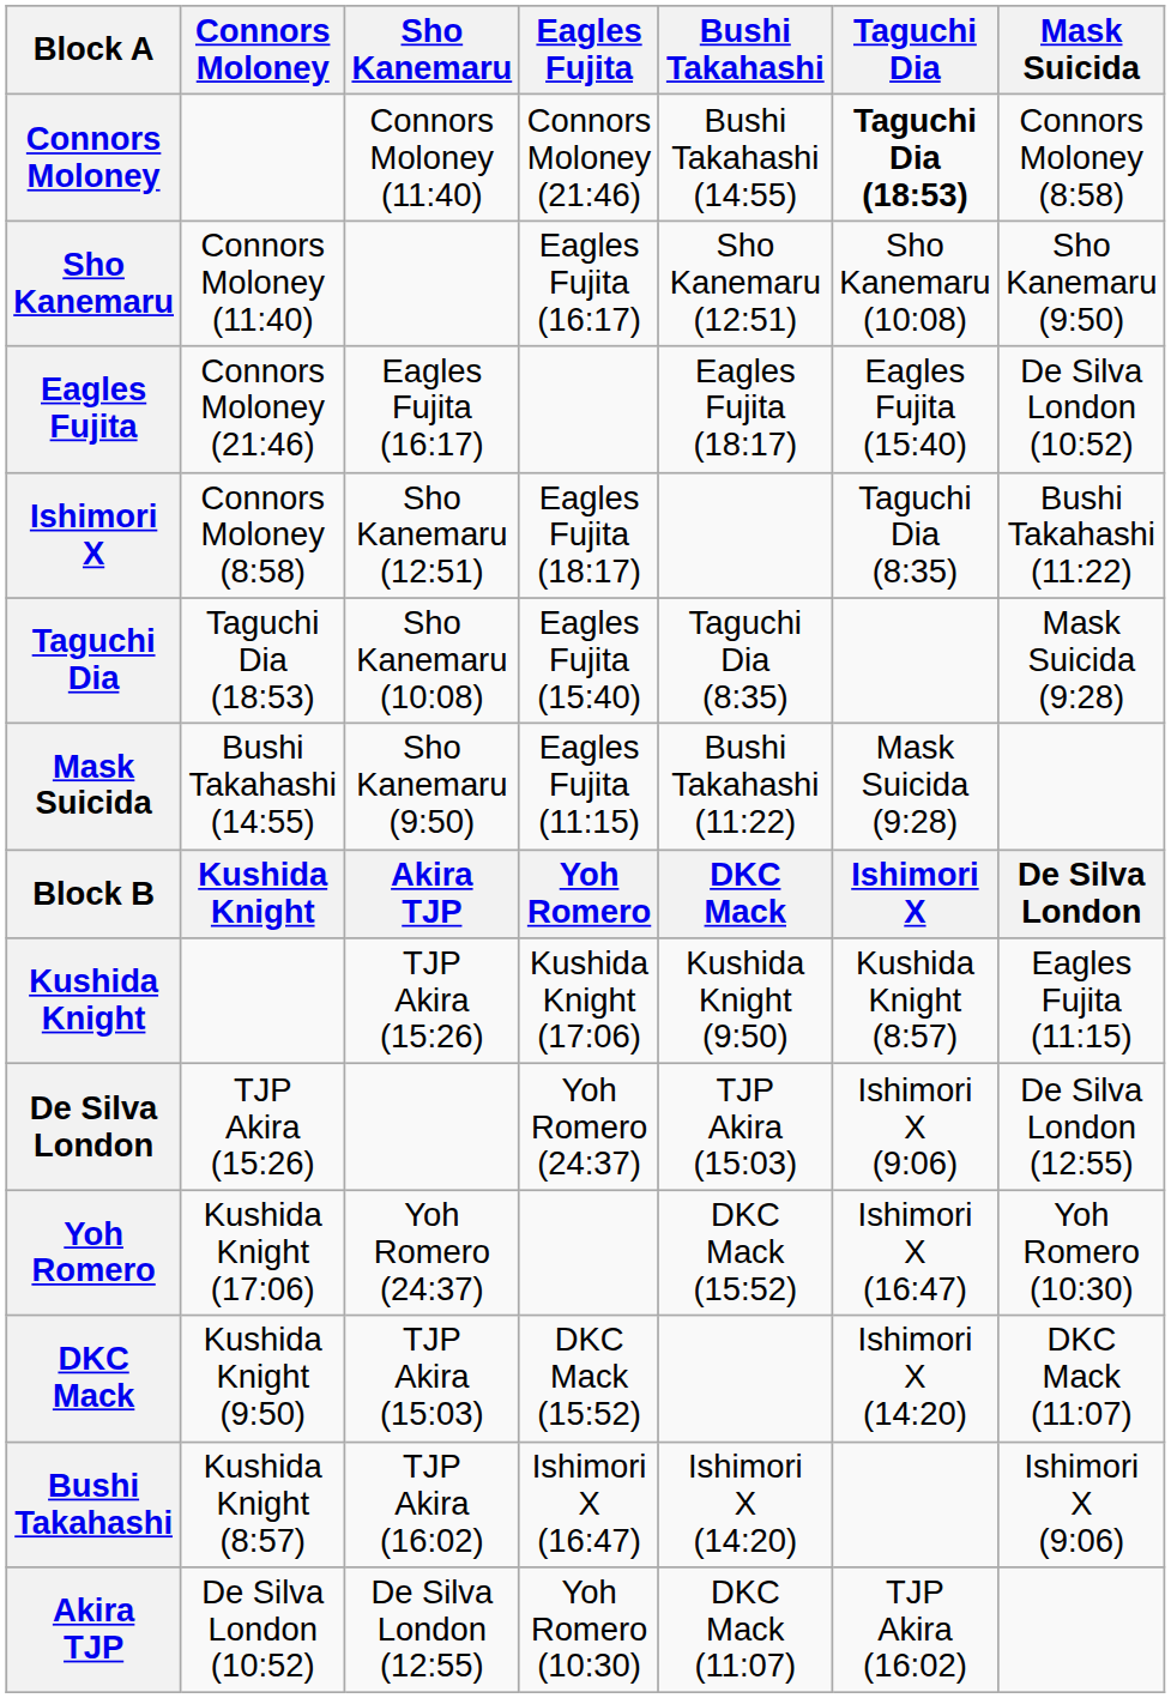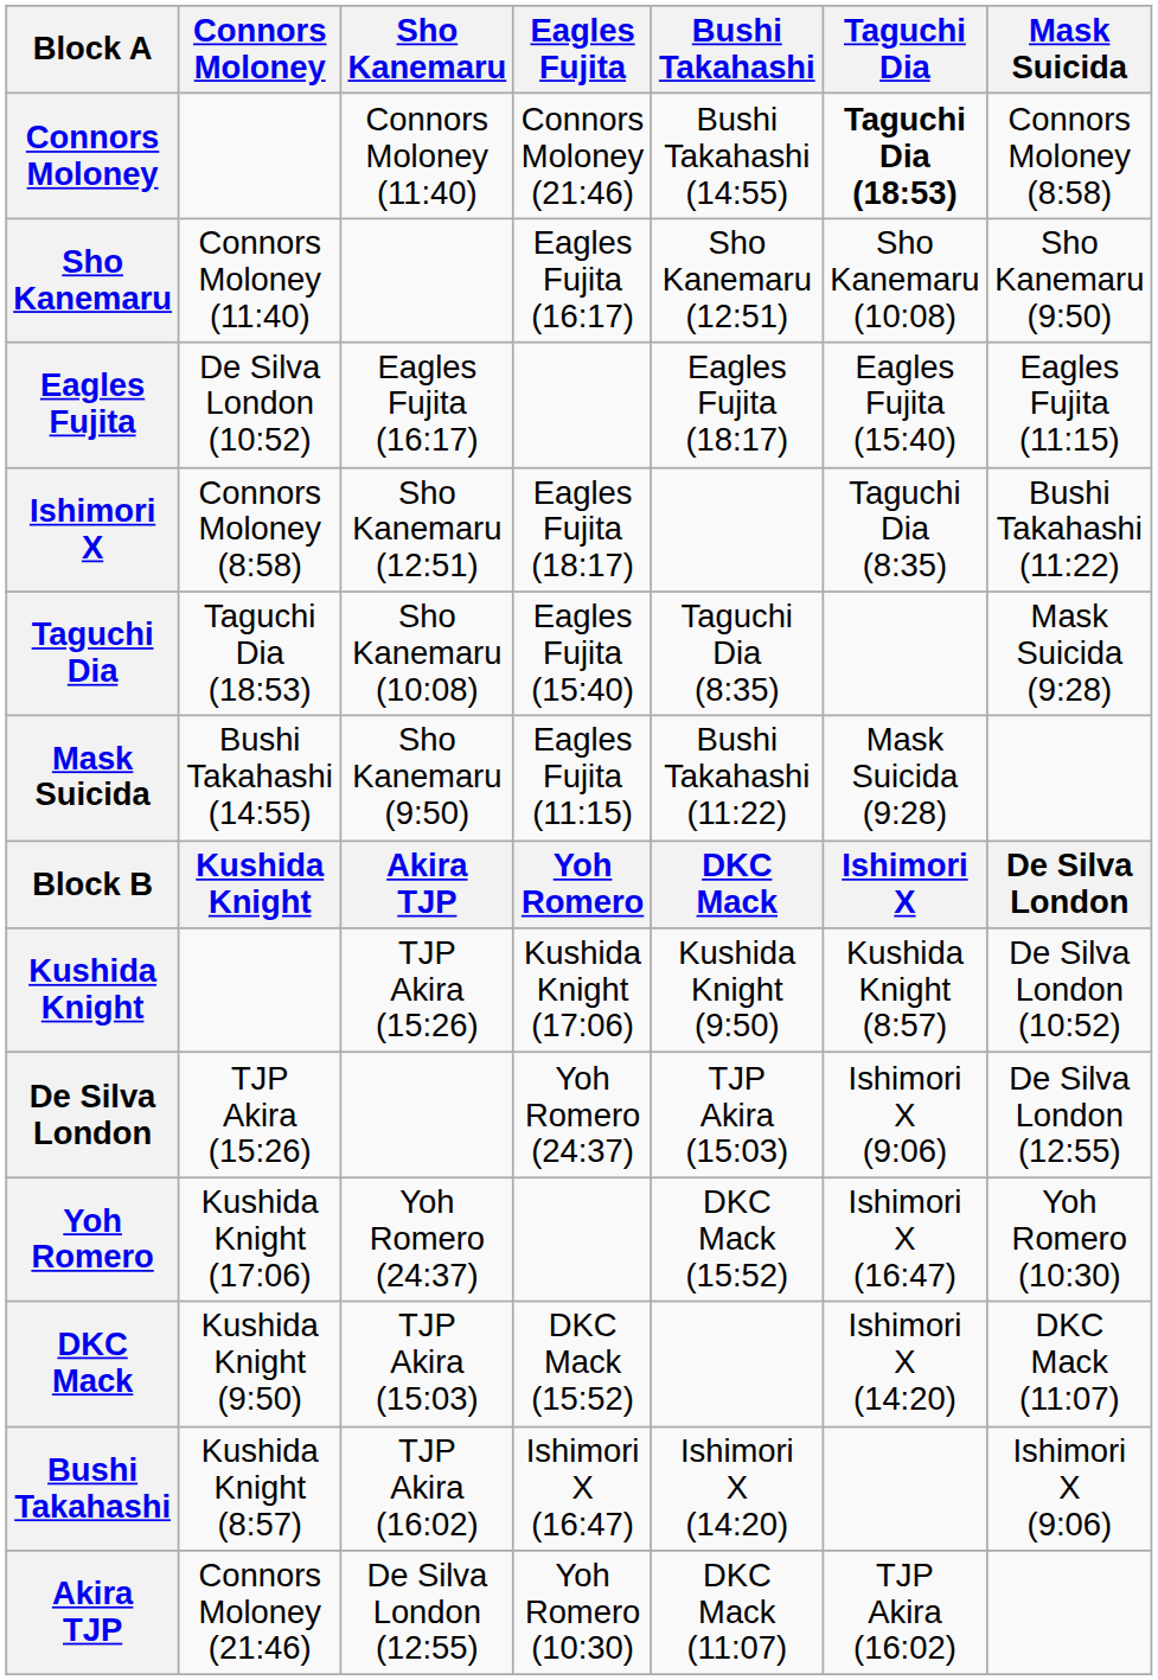 <table class="wikitable" style="text-align:center; margin: 1em auto 1em auto">
 <tr align="center">
 <th>Block A</th>
 <th><a href='#'>Connors</a><br><a href='#'>Moloney</a></th>
 <th><a href='#'>Sho</a> <br> <a href='#'>Kanemaru</a></th>
 <th><a href='#'>Eagles</a> <br> <a href='#'>Fujita</a></th>
 <th><a href='#'>Bushi</a> <br> <a href='#'>Takahashi</a></th>
 <th><a href='#'>Taguchi</a> <br> <a href='#'>Dia</a></th>
 <th><a href='#'>Mask</a> <br> Suicida</th>
 </tr>
 <tr align="center">
 <th><a href='#'>Connors</a><br><a href='#'>Moloney</a></th>
 <td></td>
 <td>Connors<br>Moloney<br>(11:40)</td>
 <td>Connors<br>Moloney<br>(21:46)</td>
 <td>Bushi<br>Takahashi<br>(14:55)</td>
 <td><strong>Taguchi<br>Dia<br>(18:53)</strong></td>
 <td>Connors<br>Moloney<br>(8:58)</td>
 </tr>
 <tr align="center">
 <th><a href='#'>Sho</a> <br> <a href='#'>Kanemaru</a></th>
 <td>Connors<br>Moloney<br>(11:40)</td>
 <td></td>
 <td>Eagles<br>Fujita <br>(16:17)</td>
 <td>Sho<br>Kanemaru <br>(12:51)</td>
 <td>Sho<br>Kanemaru <br>(10:08)</td>
 <td>Sho<br>Kanemaru<br>(9:50)</td>
 </tr>
 <tr align="center">
 <th><a href='#'>Eagles</a> <br> <a href='#'>Fujita</a></th>
-<td>Connors<br>Moloney<br>(21:46)</td>
+<td>De Silva <br> London<br>(10:52)</td>
 <td>Eagles<br>Fujita <br>(16:17)</td>
 <td></td>
 <td>Eagles<br>Fujita <br>(18:17)</td>
 <td>Eagles<br>Fujita<br>(15:40)</td>
-<td>De Silva <br> London<br>(10:52)</td>
+<td>Eagles<br>Fujita<br>(11:15)</td>
 </tr>
 <tr align="center">
 <th><a href='#'>Ishimori</a> <br> <a href='#'>X</a></th>
 <td>Connors<br>Moloney<br>(8:58)</td>
 <td>Sho<br>Kanemaru<br>(12:51)</td>
 <td>Eagles<br>Fujita <br>(18:17)</td>
 <td></td>
 <td>Taguchi<br>Dia<br>(8:35)</td>
 <td>Bushi<br>Takahashi<br>(11:22)</td>
 </tr>
 <tr align="center">
 <th><a href='#'>Taguchi</a> <br> <a href='#'>Dia</a></th>
 <td>Taguchi<br>Dia <br>(18:53)</td>
 <td>Sho<br>Kanemaru<br>(10:08)</td>
 <td>Eagles<br>Fujita<br>(15:40)</td>
 <td>Taguchi<br>Dia<br>(8:35)</td>
 <td></td>
 <td>Mask <br> Suicida <br>(9:28)</td>
 </tr>
 <tr align="center">
 <th><a href='#'>Mask</a> <br> Suicida</th>
 <td>Bushi<br>Takahashi<br>(14:55)</td>
 <td>Sho<br>Kanemaru<br>(9:50)</td>
 <td>Eagles<br>Fujita <br>(11:15)</td>
 <td>Bushi<br>Takahashi<br>(11:22)</td>
 <td>Mask <br> Suicida <br>(9:28)</td>
 <td></td>
 </tr>
 <tr align="center">
 <th>Block B</th>
 <th><a href='#'>Kushida</a> <br> <a href='#'>Knight</a></th>
 <th><a href='#'>Akira</a> <br> <a href='#'>TJP</a></th>
 <th><a href='#'>Yoh</a> <br> <a href='#'>Romero</a></th>
 <th><a href='#'>DKC</a> <br> <a href='#'>Mack</a></th>
 <th><a href='#'>Ishimori</a> <br> <a href='#'>X</a></th>
 <th>De Silva <br> London</th>
 </tr>
 <tr align="center">
 <th><a href='#'>Kushida</a> <br> <a href='#'>Knight</a></th>
 <td></td>
 <td>TJP<br>Akira<br>(15:26)</td>
 <td>Kushida<br>Knight<br>(17:06)</td>
 <td>Kushida<br>Knight<br>(9:50)</td>
 <td>Kushida<br>Knight<br>(8:57)</td>
-<td>Eagles<br>Fujita<br>(11:15)</td>
+<td>De Silva <br> London<br>(10:52)</td>
 </tr>
 <tr align="center">
 <th>De Silva <br> London</th>
 <td>TJP<br>Akira<br>(15:26)</td>
 <td></td>
 <td>Yoh<br>Romero<br>(24:37)</td>
 <td>TJP<br>Akira<br>(15:03)</td>
 <td>Ishimori<br>X<br>(9:06)</td>
 <td>De Silva <br> London<br>(12:55)</td>
 </tr>
 <tr align="center">
 <th><a href='#'>Yoh</a> <br> <a href='#'>Romero</a></th>
 <td>Kushida<br>Knight<br>(17:06)</td>
 <td>Yoh<br>Romero<br>(24:37)</td>
 <td></td>
 <td>DKC<br>Mack<br>(15:52)</td>
 <td>Ishimori<br>X<br>(16:47)</td>
 <td>Yoh<br>Romero<br>(10:30)</td>
 </tr>
 <tr align="center">
 <th><a href='#'>DKC</a> <br> <a href='#'>Mack</a></th>
 <td>Kushida<br>Knight<br>(9:50)</td>
 <td>TJP<br>Akira<br>(15:03)</td>
 <td>DKC<br>Mack<br>(15:52)</td>
 <td></td>
 <td>Ishimori<br>X<br>(14:20)</td>
 <td>DKC<br>Mack<br>(11:07)</td>
 </tr>
 <tr align="center">
 <th><a href='#'>Bushi</a> <br> <a href='#'>Takahashi</a></th>
 <td>Kushida<br>Knight<br>(8:57)</td>
 <td>TJP<br>Akira<br>(16:02)</td>
 <td>Ishimori<br>X<br>(16:47)</td>
 <td>Ishimori<br>X<br>(14:20)</td>
 <td></td>
 <td>Ishimori<br>X<br>(9:06)</td>
 </tr>
 <tr align="center">
 <th><a href='#'>Akira</a> <br> <a href='#'>TJP</a></th>
-<td>De Silva <br> London<br>(10:52)</td>
+<td>Connors<br>Moloney<br>(21:46)</td>
 <td>De Silva <br> London <br>(12:55)</td>
 <td>Yoh<br>Romero<br>(10:30)</td>
 <td>DKC<br>Mack<br>(11:07)</td>
 <td>TJP<br>Akira<br>(16:02)</td>
 <td></td>
 </tr>
 </table>
